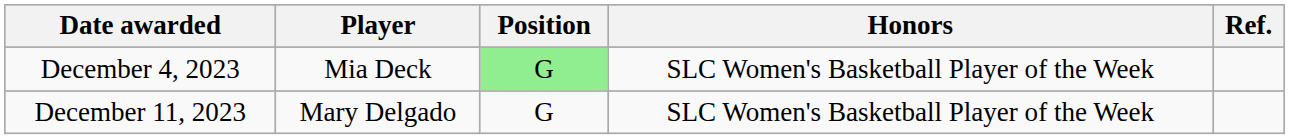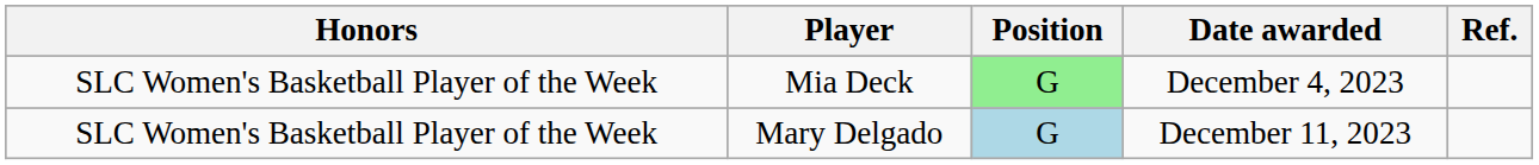 <table class="wikitable" style="width: 60%;text-align: center;">
 <tr>
-<th>Date awarded</th>
+<th>Honors</th>
 <th>Player</th>
 <th>Position</th>
-<th>Honors</th>
+<th>Date awarded</th>
 <th>Ref.</th>
 </tr>
 <tr align="center">
-<td>December 4, 2023</td>
+<td rowspan="1">SLC Women's Basketball Player of the Week</td>
 <td>Mia Deck</td>
 <td style="background: lightgreen;">G</td>
-<td rowspan="1">SLC Women's Basketball Player of the Week</td>
+<td>December 4, 2023</td>
 <td></td>
 </tr>
 <tr align="center">
+<td rowspan="1">SLC Women's Basketball Player of the Week</td>
+<td>Mary Delgado</td>
+<td style="background: lightblue;">G</td>
 <td>December 11, 2023</td>
-<td>Mary Delgado</td>
-<td>G</td>
-<td rowspan="1">SLC Women's Basketball Player of the Week</td>
 <td></td>
 </tr>
 </table>
